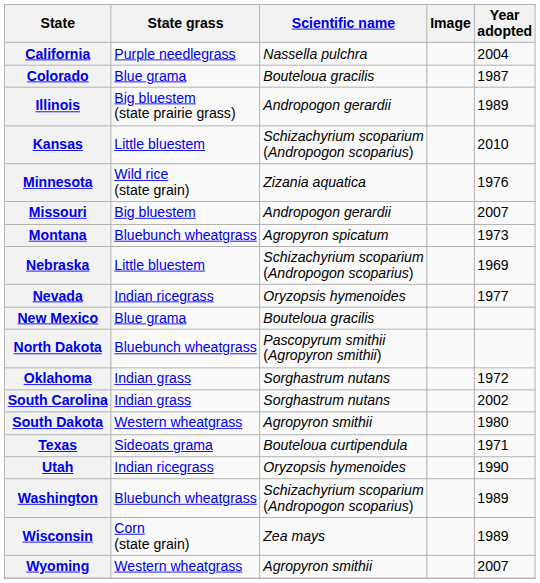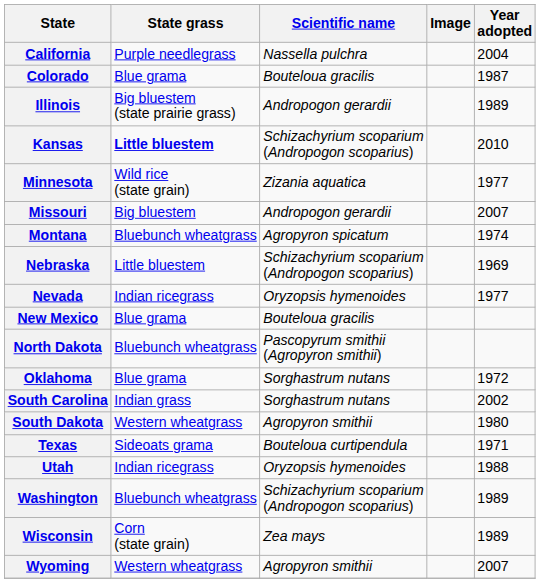 <table class="wikitable sortable">
 <tr>
 <th>State</th>
 <th>State grass</th>
 <th><a href='#'>Scientific name</a></th>
 <th>Image</th>
 <th>Year <br> adopted<br>   </th>
 </tr>
 <tr>
 <th><a href='#'>California</a></th>
 <td><a href='#'>Purple needlegrass</a></td>
 <td><em>Nassella pulchra</em></td>
 <td></td>
 <td>2004</td>
 </tr>
 <tr>
 <th><a href='#'>Colorado</a></th>
 <td><a href='#'>Blue grama</a></td>
 <td><em>Bouteloua gracilis</em></td>
 <td></td>
 <td>1987<br>     </td>
 </tr>
 <tr>
 <th><a href='#'>Illinois</a></th>
 <td><a href='#'>Big bluestem</a> <br>(state prairie grass)</td>
 <td><em>Andropogon gerardii</em></td>
 <td></td>
 <td>1989<br> </td>
 </tr>
 <tr>
 <th><a href='#'>Kansas</a></th>
-<td><a href='#'>Little bluestem</a></td>
+<td><strong><a href='#'>Little bluestem</a></strong></td>
 <td><em>Schizachyrium scoparium</em> <br> (<em>Andropogon scoparius</em>)</td>
 <td></td>
 <td>2010<br>     </td>
 </tr>
 <tr>
 <th><a href='#'>Minnesota</a></th>
 <td><a href='#'>Wild rice</a> <br>(state grain)</td>
 <td><em>Zizania aquatica</em></td>
 <td></td>
-<td>1976<br></td>
+<td>1977<br></td>
 </tr>
 <tr>
 <th><a href='#'>Missouri</a></th>
 <td><a href='#'>Big bluestem</a></td>
 <td><em>Andropogon gerardii</em></td>
 <td></td>
 <td>2007</td>
 </tr>
 <tr>
 <th><a href='#'>Montana</a></th>
 <td><a href='#'>Bluebunch wheatgrass</a></td>
 <td><em>Agropyron spicatum</em></td>
 <td></td>
-<td>1973</td>
+<td>1974</td>
 </tr>
 <tr>
 <th><a href='#'>Nebraska</a></th>
 <td><a href='#'>Little bluestem</a></td>
 <td><em>Schizachyrium scoparium</em> <br> (<em>Andropogon scoparius</em>)</td>
 <td></td>
 <td>1969</td>
 </tr>
 <tr>
 <th><a href='#'>Nevada</a></th>
 <td><a href='#'>Indian ricegrass</a></td>
 <td><em>Oryzopsis hymenoides</em></td>
 <td></td>
 <td>1977<br> </td>
 </tr>
 <tr>
 <th><a href='#'>New Mexico</a></th>
 <td><a href='#'>Blue grama</a></td>
 <td><em>Bouteloua gracilis</em></td>
 <td></td>
 <td><br> </td>
 </tr>
 <tr>
 <th><a href='#'>North Dakota</a></th>
 <td><a href='#'>Bluebunch wheatgrass</a></td>
 <td><em>Pascopyrum smithii</em> <br> (<em>Agropyron smithii</em>)</td>
 <td></td>
 <td><br></td>
 </tr>
 <tr>
 <th><a href='#'>Oklahoma</a></th>
-<td><a href='#'>Indian grass</a></td>
+<td><a href='#'>Blue grama</a></td>
 <td><em>Sorghastrum nutans</em></td>
 <td></td>
 <td>1972<br>  </td>
 </tr>
 <tr>
 <th><a href='#'>South Carolina</a></th>
 <td><a href='#'>Indian grass</a></td>
 <td><em>Sorghastrum nutans</em></td>
 <td></td>
 <td>2002</td>
 </tr>
 <tr>
 <th><a href='#'>South Dakota</a></th>
 <td><a href='#'>Western wheatgrass</a></td>
 <td><em>Agropyron smithii</em></td>
 <td></td>
 <td>1980<br></td>
 </tr>
 <tr>
 <th><a href='#'>Texas</a></th>
 <td><a href='#'>Sideoats grama</a></td>
 <td><em>Bouteloua curtipendula</em></td>
 <td></td>
 <td>1971</td>
 </tr>
 <tr>
 <th><a href='#'>Utah</a></th>
 <td><a href='#'>Indian ricegrass</a></td>
 <td><em>Oryzopsis hymenoides</em></td>
 <td></td>
-<td>1990<br> </td>
+<td>1988<br> </td>
 </tr>
 <tr>
 <th><a href='#'>Washington</a></th>
 <td><a href='#'>Bluebunch wheatgrass</a></td>
 <td><em>Schizachyrium scoparium</em> <br> (<em>Andropogon scoparius</em>)</td>
 <td></td>
 <td>1989<br></td>
 </tr>
 <tr>
 <th><a href='#'>Wisconsin</a></th>
 <td><a href='#'>Corn</a><br>(state grain)</td>
 <td><em>Zea mays</em></td>
 <td></td>
 <td>1989</td>
 </tr>
 <tr>
 <th><a href='#'>Wyoming</a></th>
 <td><a href='#'>Western wheatgrass</a></td>
 <td><em>Agropyron smithii</em></td>
 <td></td>
 <td>2007</td>
 </tr>
 <tr>
 </tr>
 </table>
